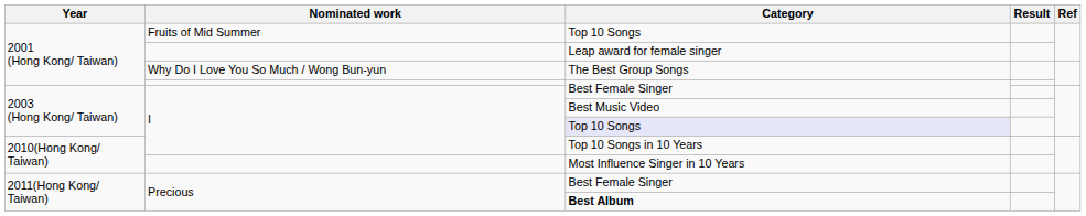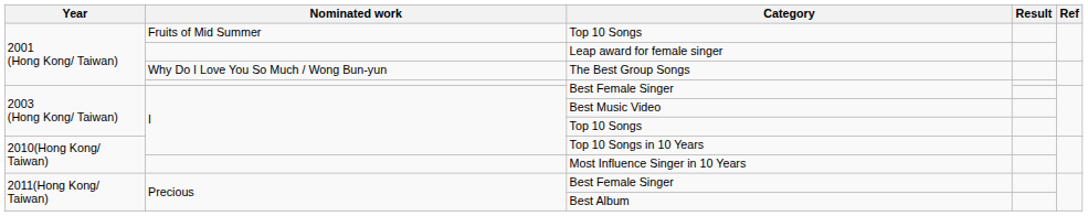 <table class="wikitable"  width="92%">
 <tr>
 <th width="12%">Year</th>
 <th width="36%">Nominated work</th>
 <th width="38%">Category</th>
 <th width="3%">Result</th>
 <th width="2%">Ref</th>
 </tr>
 <tr>
 <td rowspan=4>2001<br>(Hong Kong/ Taiwan)</td>
 <td>Fruits of Mid Summer</td>
 <td>Top 10 Songs</td>
 <td></td>
 <td rowspan=2></td>
 </tr>
 <tr>
 <td></td>
 <td>Leap award for female singer</td>
 <td></td>
 </tr>
 <tr>
 <td>Why Do I Love You So Much / Wong Bun-yun</td>
 <td>The Best Group Songs</td>
 <td></td>
 </tr>
 <tr>
 <td></td>
 <td rowspan=2>Best Female Singer</td>
 <td></td>
 </tr>
 <tr>
 <td rowspan=3>2003<br>(Hong Kong/ Taiwan)</td>
 <td rowspan=4>I</td>
 <td></td>
 <td rowspan=3></td>
 </tr>
 <tr>
 <td>Best Music Video</td>
 <td></td>
 </tr>
 <tr>
-<td style="background: lavender;">Top 10 Songs</td>
+<td>Top 10 Songs</td>
 <td></td>
 </tr>
 <tr>
 <td rowspan=2>2010(Hong Kong/ Taiwan)</td>
 <td>Top 10 Songs in 10 Years</td>
 <td></td>
 <td rowspan=2></td>
 </tr>
 <tr>
 <td></td>
 <td>Most Influence Singer in 10 Years</td>
 <td></td>
 </tr>
 <tr>
 <td rowspan=2>2011(Hong Kong/ Taiwan)</td>
 <td rowspan=2>Precious</td>
 <td>Best Female Singer</td>
 <td></td>
 <td rowspan=2></td>
 </tr>
 <tr>
-<td><strong>Best Album</strong></td>
+<td>Best Album</td>
 <td></td>
 </tr>
 </table>
